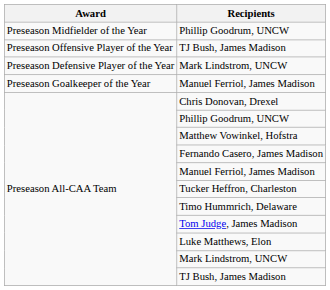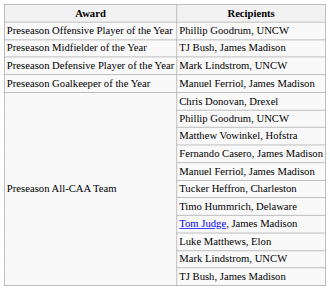 <table class="wikitable" style="white-space:nowrap; font-size:90%;">
 <tr>
 <th>Award</th>
 <th>Recipients</th>
 </tr>
 <tr>
-<td>Preseason Midfielder of the Year</td>
+<td valign="middle">Preseason Offensive Player of the Year</td>
 <td>Phillip Goodrum, UNCW</td>
 </tr>
 <tr>
-<td valign="middle">Preseason Offensive Player of the Year</td>
+<td>Preseason Midfielder of the Year</td>
 <td>TJ Bush, James Madison</td>
 </tr>
 <tr>
 <td>Preseason Defensive Player of the Year</td>
 <td>Mark Lindstrom, UNCW</td>
 </tr>
 <tr>
 <td>Preseason Goalkeeper of the Year</td>
 <td>Manuel Ferriol, James Madison</td>
 </tr>
 <tr>
 <td rowspan="11">Preseason All-CAA Team</td>
 <td>Chris Donovan, Drexel</td>
 </tr>
 <tr>
 <td>Phillip Goodrum, UNCW</td>
 </tr>
 <tr>
 <td>Matthew Vowinkel, Hofstra</td>
 </tr>
 <tr>
 <td>Fernando Casero, James Madison</td>
 </tr>
 <tr>
 <td>Manuel Ferriol, James Madison</td>
 </tr>
 <tr>
 <td>Tucker Heffron, Charleston</td>
 </tr>
 <tr>
 <td>Timo Hummrich, Delaware</td>
 </tr>
 <tr>
 <td><a href='#'>Tom Judge</a>, James Madison</td>
 </tr>
 <tr>
 <td>Luke Matthews, Elon</td>
 </tr>
 <tr>
 <td>Mark Lindstrom, UNCW</td>
 </tr>
 <tr>
 <td>TJ Bush, James Madison</td>
 </tr>
 </table>
